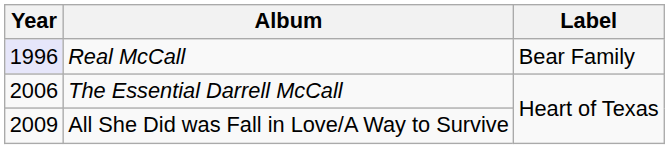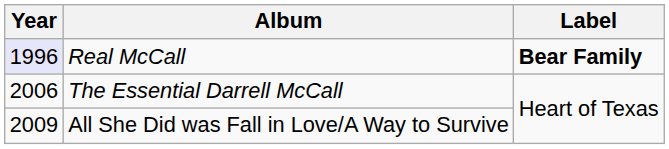 <table class="wikitable">
 <tr>
 <th>Year</th>
 <th>Album</th>
 <th>Label</th>
 </tr>
 <tr>
 <td style="background: lavender;">1996</td>
 <td><em>Real McCall</em></td>
-<td>Bear Family</td>
+<td><strong>Bear Family</strong></td>
 </tr>
 <tr>
 <td>2006</td>
 <td><em>The Essential Darrell McCall</em></td>
 <td rowspan="2">Heart of Texas</td>
 </tr>
 <tr>
 <td>2009</td>
 <td>All She Did was Fall in Love/A Way to Survive</td>
 </tr>
 </table>
